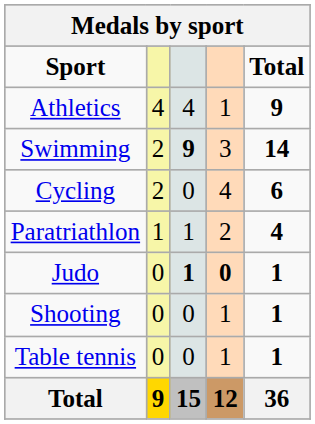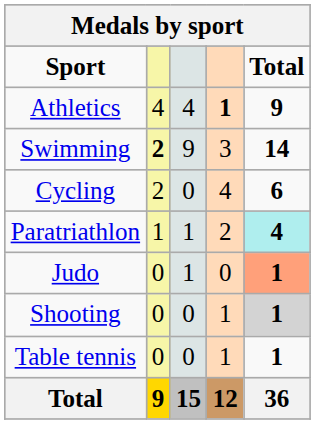 <table class="wikitable" style="font-size:95%">
 <tr style="background:#efefef;">
 <th colspan=5>Medals by sport</th>
 </tr>
 <tr style="text-align:center;">
 <td><strong>Sport</strong></td>
 <td bgcolor=#f7f6a8></td>
 <td bgcolor=#dce5e5></td>
 <td bgcolor=#ffdab9></td>
 <td><strong>Total</strong></td>
 </tr>
 <tr style="text-align:center;">
 <td><a href='#'>Athletics</a></td>
 <td style="background:#F7F6A8;">4</td>
 <td style="background:#DCE5E5;">4</td>
-<td style="background:#FFDAB9;">1</td>
+<td style="background:#FFDAB9;"><strong>1</strong></td>
 <td><strong>9</strong></td>
 </tr>
 <tr style="text-align:center;">
 <td><a href='#'>Swimming</a></td>
-<td style="background:#F7F6A8;">2</td>
-<td style="background:#DCE5E5;"><strong>9</strong></td>
+<td style="background:#F7F6A8;"><strong>2</strong></td>
+<td style="background:#DCE5E5;">9</td>
 <td style="background:#FFDAB9;">3</td>
 <td><strong>14</strong></td>
 </tr>
 <tr style="text-align:center;">
 <td><a href='#'>Cycling</a></td>
 <td style="background:#F7F6A8;">2</td>
 <td style="background:#DCE5E5;">0</td>
 <td style="background:#FFDAB9;">4</td>
 <td><strong>6</strong></td>
 </tr>
 <tr style="text-align:center;">
 <td><a href='#'>Paratriathlon</a></td>
 <td style="background:#F7F6A8;">1</td>
 <td style="background:#DCE5E5;">1</td>
 <td style="background:#FFDAB9;">2</td>
-<td><strong>4</strong></td>
+<td style="background: paleturquoise;"><strong>4</strong></td>
 </tr>
 <tr style="text-align:center;">
 <td><a href='#'>Judo</a></td>
 <td style="background:#F7F6A8;">0</td>
-<td style="background:#DCE5E5;"><strong>1</strong></td>
-<td style="background:#FFDAB9;"><strong>0</strong></td>
-<td><strong>1</strong></td>
+<td style="background:#DCE5E5;">1</td>
+<td style="background:#FFDAB9;">0</td>
+<td style="background: lightsalmon;"><strong>1</strong></td>
 </tr>
 <tr style="text-align:center;">
 <td><a href='#'>Shooting</a></td>
 <td style="background:#F7F6A8;">0</td>
 <td style="background:#DCE5E5;">0</td>
 <td style="background:#FFDAB9;">1</td>
-<td><strong>1</strong></td>
+<td style="background: lightgrey;"><strong>1</strong></td>
 </tr>
 <tr style="text-align:center;">
 <td><a href='#'>Table tennis</a></td>
 <td style="background:#F7F6A8;">0</td>
 <td style="background:#DCE5E5;">0</td>
 <td style="background:#FFDAB9;">1</td>
 <td><strong>1</strong></td>
 </tr>
 <tr>
 <th>Total</th>
 <th style="background:gold;">9</th>
 <th style="background:silver;">15</th>
 <th style="background:#c96;">12</th>
 <th>36</th>
 </tr>
 </table>
